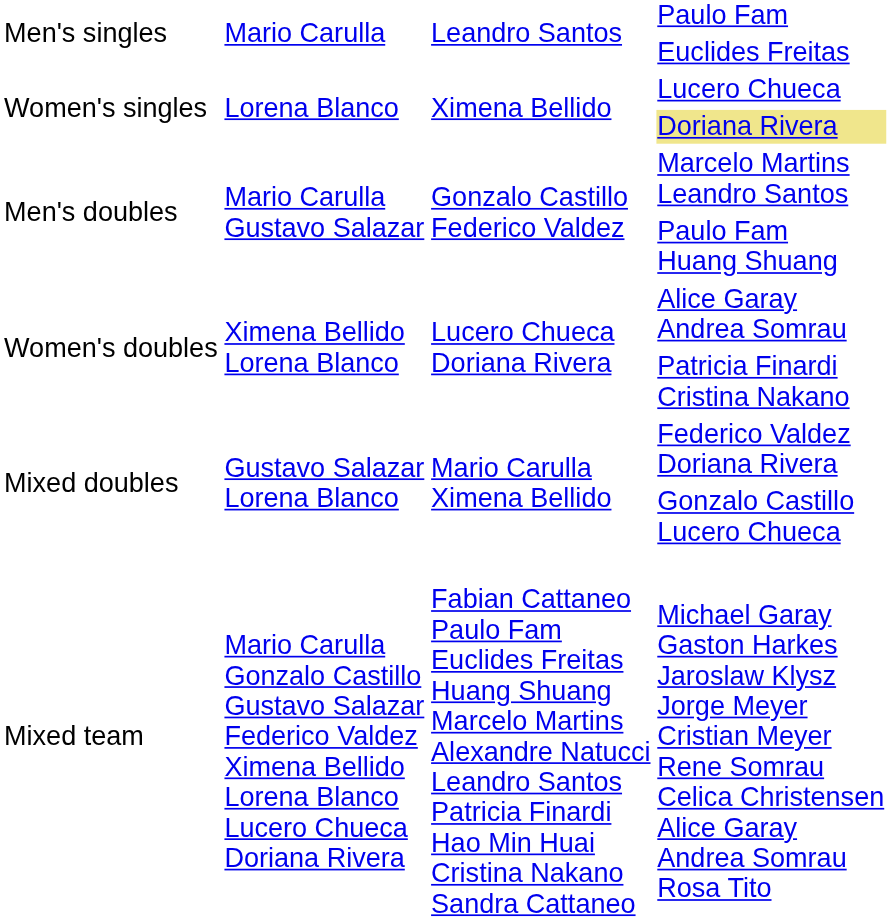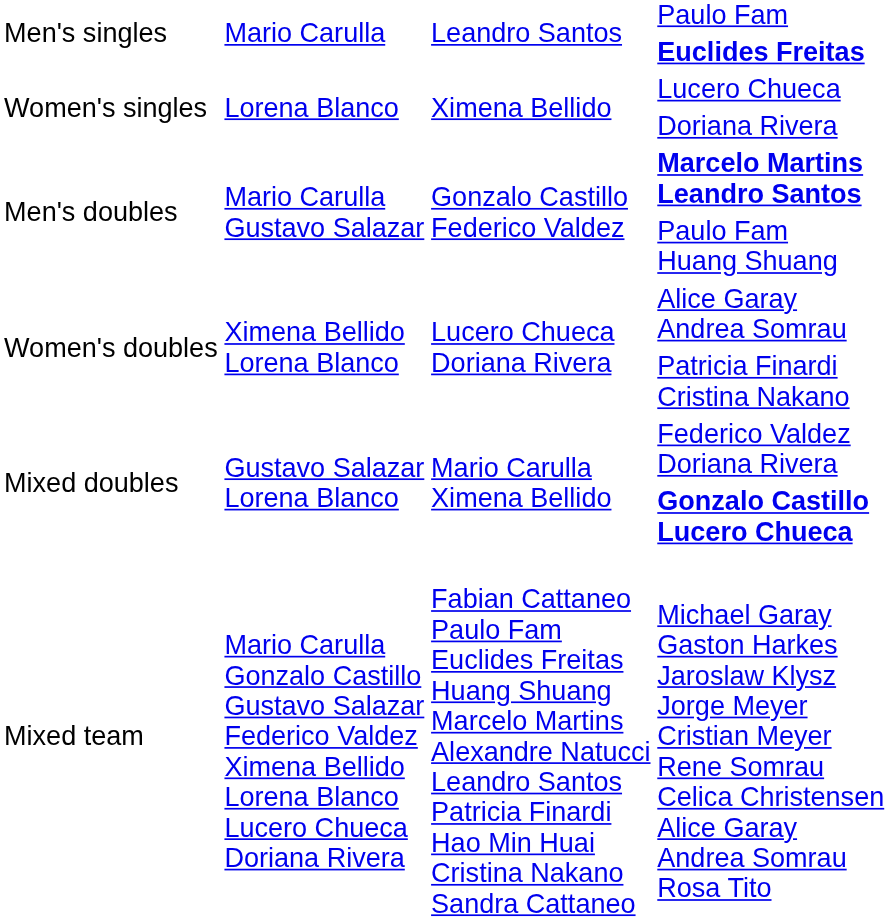 <table>
 <tr>
 <td rowspan="2">Men's singles</td>
 <td rowspan="2"> <a href='#'>Mario Carulla</a></td>
 <td rowspan="2"> <a href='#'>Leandro Santos</a></td>
 <td> <a href='#'>Paulo Fam</a></td>
 </tr>
 <tr>
-<td> <a href='#'>Euclides Freitas</a></td>
+<td><strong> <a href='#'>Euclides Freitas</a></strong></td>
 </tr>
 <tr>
 <td rowspan="2">Women's singles</td>
 <td rowspan="2"> <a href='#'>Lorena Blanco</a></td>
 <td rowspan="2"> <a href='#'>Ximena Bellido</a></td>
 <td> <a href='#'>Lucero Chueca</a></td>
 </tr>
 <tr>
-<td style="background: khaki;"> <a href='#'>Doriana Rivera</a></td>
+<td> <a href='#'>Doriana Rivera</a></td>
 </tr>
 <tr>
 <td rowspan="2">Men's doubles</td>
 <td rowspan="2"> <a href='#'>Mario Carulla</a><br> <a href='#'>Gustavo Salazar</a></td>
 <td rowspan="2"> <a href='#'>Gonzalo Castillo</a><br> <a href='#'>Federico Valdez</a></td>
-<td> <a href='#'>Marcelo Martins</a><br> <a href='#'>Leandro Santos</a></td>
+<td><strong> <a href='#'>Marcelo Martins</a><br> <a href='#'>Leandro Santos</a></strong></td>
 </tr>
 <tr>
 <td> <a href='#'>Paulo Fam</a><br> <a href='#'>Huang Shuang</a></td>
 </tr>
 <tr>
 <td rowspan="2">Women's doubles</td>
 <td rowspan="2"> <a href='#'>Ximena Bellido</a><br> <a href='#'>Lorena Blanco</a></td>
 <td rowspan="2"> <a href='#'>Lucero Chueca</a><br> <a href='#'>Doriana Rivera</a></td>
 <td> <a href='#'>Alice Garay</a><br> <a href='#'>Andrea Somrau</a></td>
 </tr>
 <tr>
 <td> <a href='#'>Patricia Finardi</a><br> <a href='#'>Cristina Nakano</a></td>
 </tr>
 <tr>
 <td rowspan="2">Mixed doubles</td>
 <td rowspan="2"> <a href='#'>Gustavo Salazar</a><br> <a href='#'>Lorena Blanco</a></td>
 <td rowspan="2"> <a href='#'>Mario Carulla</a><br> <a href='#'>Ximena Bellido</a></td>
 <td> <a href='#'>Federico Valdez</a><br> <a href='#'>Doriana Rivera</a></td>
 </tr>
 <tr>
-<td> <a href='#'>Gonzalo Castillo</a><br> <a href='#'>Lucero Chueca</a></td>
+<td><strong> <a href='#'>Gonzalo Castillo</a><br> <a href='#'>Lucero Chueca</a></strong></td>
 </tr>
 <tr>
 <td>Mixed team</td>
 <td align="left"><br><a href='#'>Mario Carulla</a><br><a href='#'>Gonzalo Castillo</a><br><a href='#'>Gustavo Salazar</a><br><a href='#'>Federico Valdez</a><br><a href='#'>Ximena Bellido</a><br><a href='#'>Lorena Blanco</a><br><a href='#'>Lucero Chueca</a><br><a href='#'>Doriana Rivera</a></td>
 <td align="left"><br><a href='#'>Fabian Cattaneo</a><br><a href='#'>Paulo Fam</a><br><a href='#'>Euclides Freitas</a><br><a href='#'>Huang Shuang</a><br><a href='#'>Marcelo Martins</a><br><a href='#'>Alexandre Natucci</a><br><a href='#'>Leandro Santos</a><br><a href='#'>Patricia Finardi</a><br><a href='#'>Hao Min Huai</a><br><a href='#'>Cristina Nakano</a><br><a href='#'>Sandra Cattaneo</a></td>
 <td align="left"><br><a href='#'>Michael Garay</a><br><a href='#'>Gaston Harkes</a><br><a href='#'>Jaroslaw Klysz</a><br><a href='#'>Jorge Meyer</a><br><a href='#'>Cristian Meyer</a><br><a href='#'>Rene Somrau</a><br><a href='#'>Celica Christensen</a><br><a href='#'>Alice Garay</a><br><a href='#'>Andrea Somrau</a><br><a href='#'>Rosa Tito</a></td>
 </tr>
 </table>
